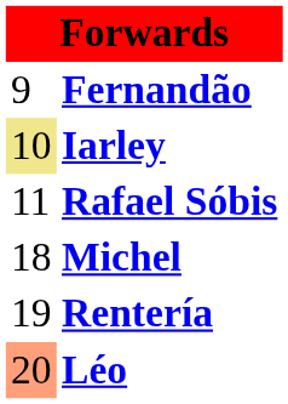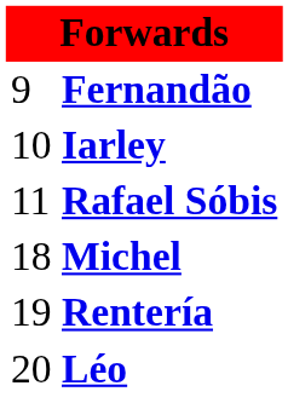 <table class="toccolours" border="0" cellpadding="2" cellspacing="0" align="left" style="margin:0.5em;">
 <tr>
 <th colspan="2" align=center bgcolor="#FF0000"><span>Forwards</span></th>
 </tr>
 <tr>
 <td>9</td>
 <td><strong><a href='#'>Fernandão</a></strong></td>
 </tr>
 <tr>
-<td style="background: khaki;">10</td>
+<td>10</td>
 <td><strong><a href='#'>Iarley</a></strong></td>
 </tr>
 <tr>
 <td>11</td>
 <td><strong><a href='#'>Rafael Sóbis</a></strong></td>
 </tr>
 <tr>
 <td>18</td>
 <td><strong><a href='#'>Michel</a></strong></td>
 </tr>
 <tr>
 <td>19</td>
 <td><strong><a href='#'>Rentería</a></strong></td>
 </tr>
 <tr>
-<td style="background: lightsalmon;">20</td>
+<td>20</td>
 <td><strong><a href='#'>Léo</a></strong></td>
 </tr>
 <tr>
 </tr>
 </table>
